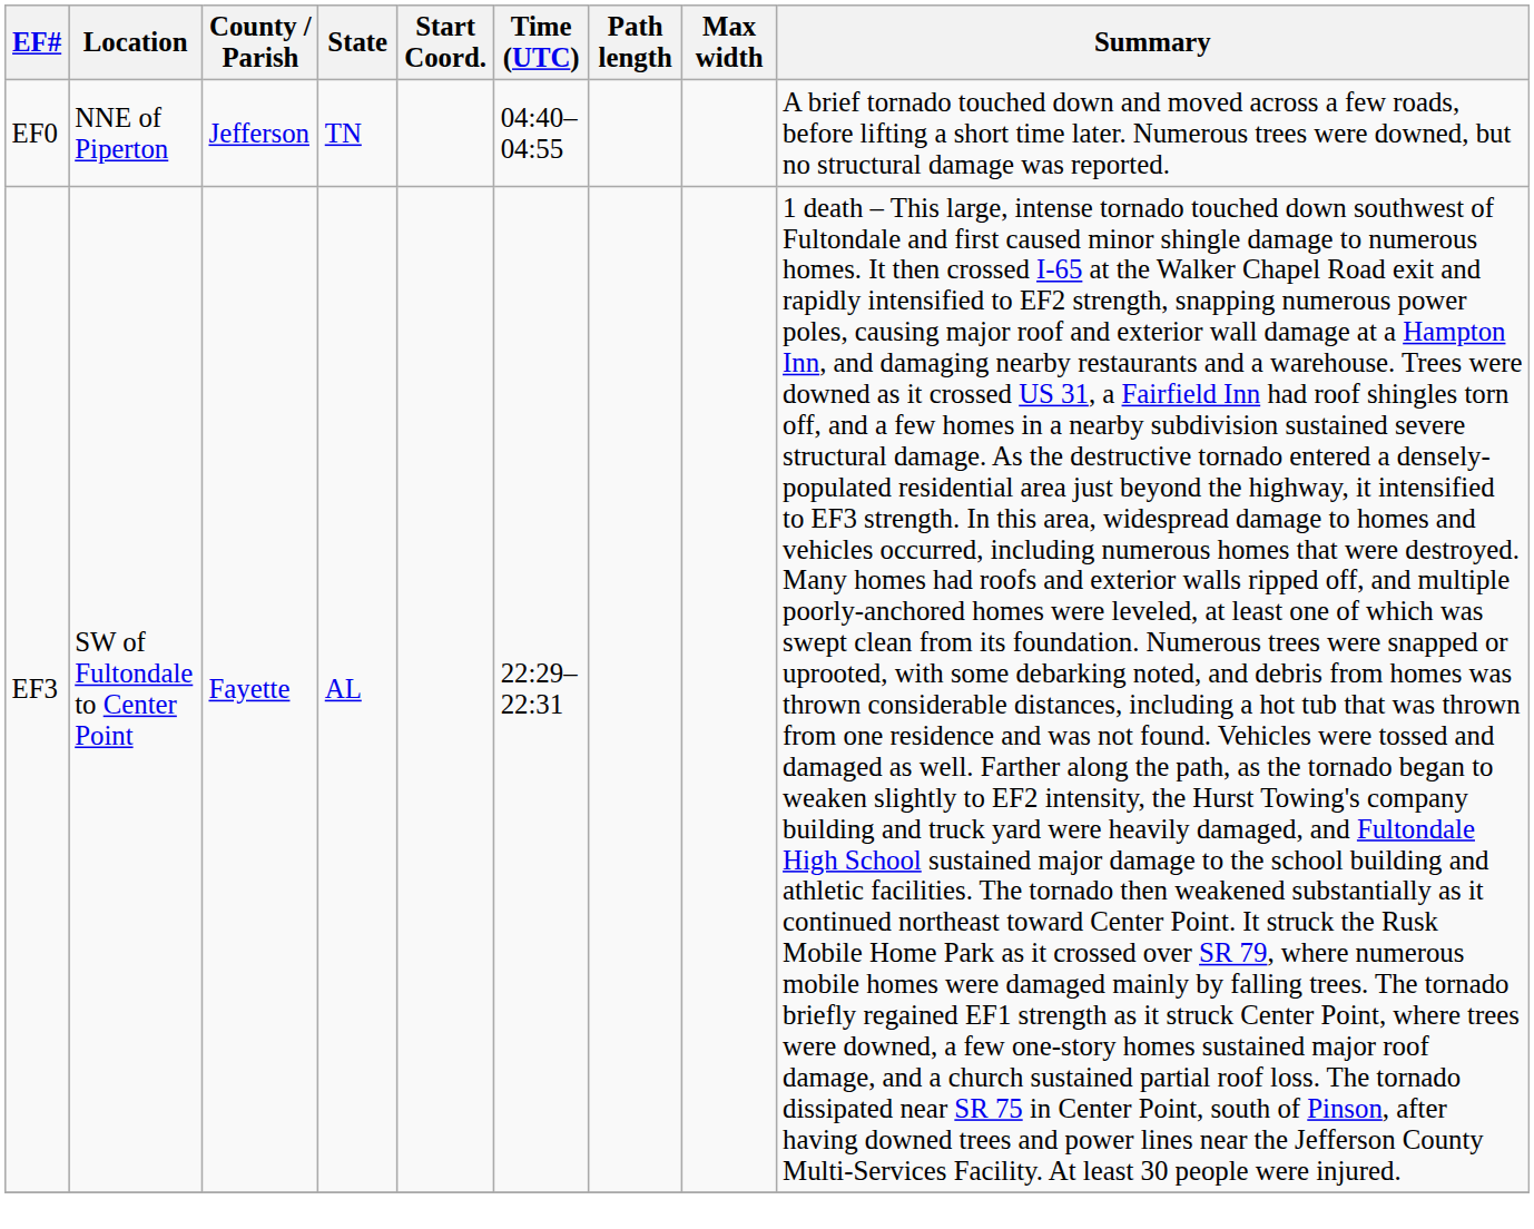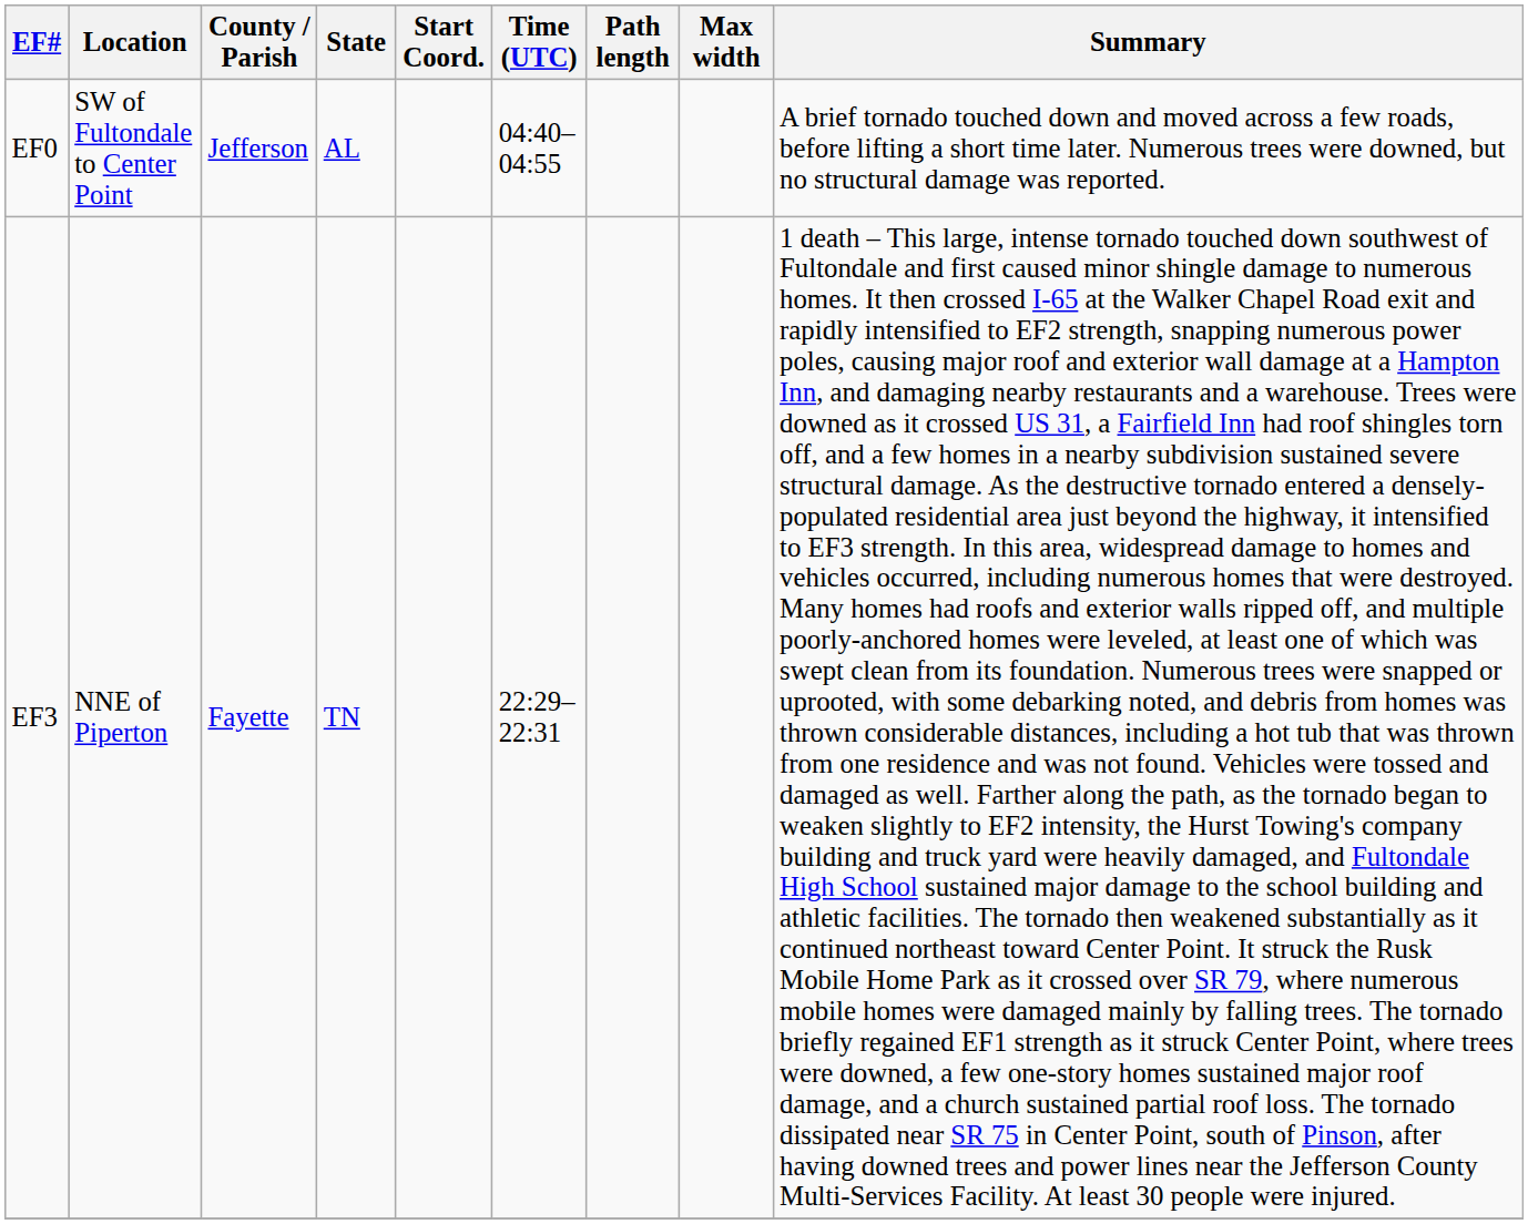 <table class="wikitable sortable" style="width:100%;">
 <tr>
 <th scope="col"  style="width:3%; text-align:center;"><a href='#'>EF#</a></th>
 <th scope="col"  style="width:7%; text-align:center;" class="unsortable">Location</th>
 <th scope="col"  style="width:6%; text-align:center;" class="unsortable">County / Parish</th>
 <th scope="col"  style="width:5%; text-align:center;">State</th>
 <th scope="col"  style="width:6%; text-align:center;">Start Coord.</th>
 <th scope="col"  style="width:6%; text-align:center;">Time (<a href='#'>UTC</a>)</th>
 <th scope="col"  style="width:6%; text-align:center;">Path length</th>
 <th scope="col"  style="width:6%; text-align:center;">Max width</th>
 <th scope="col" class="unsortable" style="width:48%; text-align:center;">Summary</th>
 </tr>
 <tr>
 <td>EF0</td>
-<td>NNE of <a href='#'>Piperton</a></td>
+<td>SW of <a href='#'>Fultondale</a> to <a href='#'>Center Point</a></td>
 <td><a href='#'>Jefferson</a></td>
-<td><a href='#'>TN</a></td>
+<td><a href='#'>AL</a></td>
 <td></td>
 <td>04:40–04:55</td>
 <td></td>
 <td></td>
 <td>A brief tornado touched down and moved across a few roads, before lifting a short time later. Numerous trees were downed, but no structural damage was reported.</td>
 </tr>
 <tr>
 <td>EF3</td>
-<td>SW of <a href='#'>Fultondale</a> to <a href='#'>Center Point</a></td>
+<td>NNE of <a href='#'>Piperton</a></td>
 <td><a href='#'>Fayette</a></td>
-<td><a href='#'>AL</a></td>
+<td><a href='#'>TN</a></td>
 <td></td>
 <td>22:29–22:31</td>
 <td></td>
 <td></td>
 <td>1 death – This large, intense tornado touched down southwest of Fultondale and first caused minor shingle damage to numerous homes. It then crossed <a href='#'>I-65</a> at the Walker Chapel Road exit and rapidly intensified to EF2 strength, snapping numerous power poles, causing major roof and exterior wall damage at a <a href='#'>Hampton Inn</a>, and damaging nearby restaurants and a warehouse. Trees were downed as it crossed <a href='#'>US 31</a>, a <a href='#'>Fairfield Inn</a> had roof shingles torn off, and a few homes in a nearby subdivision sustained severe structural damage. As the destructive tornado entered a densely-populated residential area just beyond the highway, it intensified to EF3 strength. In this area, widespread damage to homes and vehicles occurred, including numerous homes that were destroyed. Many homes had roofs and exterior walls ripped off, and multiple poorly-anchored homes were leveled, at least one of which was swept clean from its foundation. Numerous trees were snapped or uprooted, with some debarking noted, and debris from homes was thrown considerable distances, including a hot tub that was thrown from one residence and was not found. Vehicles were tossed and damaged as well. Farther along the path, as the tornado began to weaken slightly to EF2 intensity, the Hurst Towing's company building and truck yard were heavily damaged, and <a href='#'>Fultondale High School</a> sustained major damage to the school building and athletic facilities. The tornado then weakened substantially as it continued northeast toward Center Point. It struck the Rusk Mobile Home Park as it crossed over <a href='#'>SR 79</a>, where numerous mobile homes were damaged mainly by falling trees. The tornado briefly regained EF1 strength as it struck Center Point, where trees were downed, a few one-story homes sustained major roof damage, and a church sustained partial roof loss. The tornado dissipated near <a href='#'>SR 75</a> in Center Point, south of <a href='#'>Pinson</a>, after having downed trees and power lines near the Jefferson County Multi-Services Facility. At least 30 people were injured.</td>
 </tr>
 <tr>
 </tr>
 </table>
